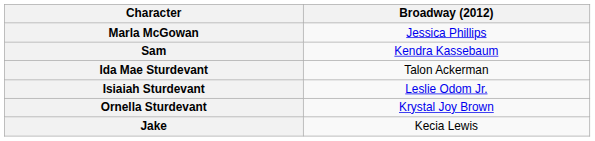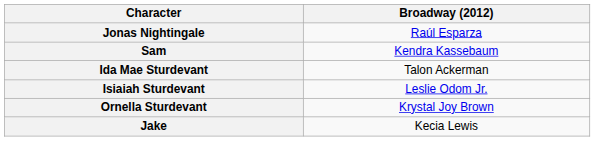 <table class="wikitable" style="width:50%; text-align:center">
 <tr>
 <th scope="col">Character</th>
 <th>Broadway (2012)</th>
 </tr>
 <tr>
-<th>Marla McGowan</th>
-<td colspan="1”"><a href='#'>Jessica Phillips</a></td>
+<th>Jonas Nightingale</th>
+<td colspan="1"><a href='#'>Raúl Esparza</a></td>
 </tr>
 <tr>
 <th>Sam</th>
 <td colspan="1”"><a href='#'>Kendra Kassebaum</a></td>
 </tr>
 <tr>
 <th>Ida Mae Sturdevant</th>
 <td colspan="1">Talon Ackerman</td>
 </tr>
 <tr>
 <th>Isiaiah Sturdevant</th>
 <td colspan="1"><a href='#'>Leslie Odom Jr.</a></td>
 </tr>
 <tr>
 <th>Ornella Sturdevant</th>
 <td colspan="1"><a href='#'>Krystal Joy Brown</a></td>
 </tr>
 <tr>
 <th>Jake</th>
 <td colspan="1”">Kecia Lewis</td>
 </tr>
 </table>
